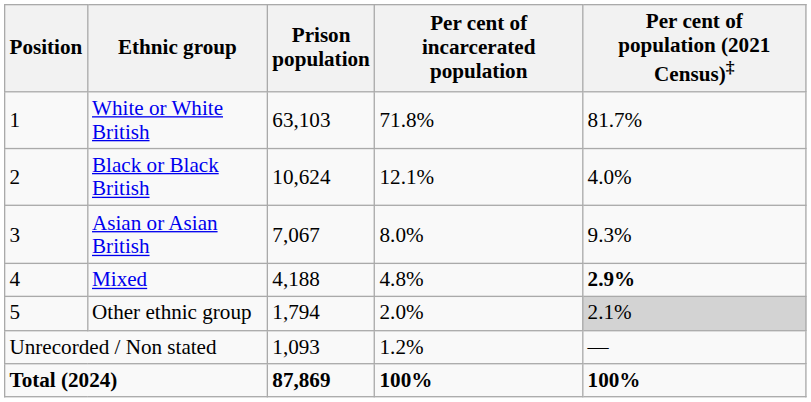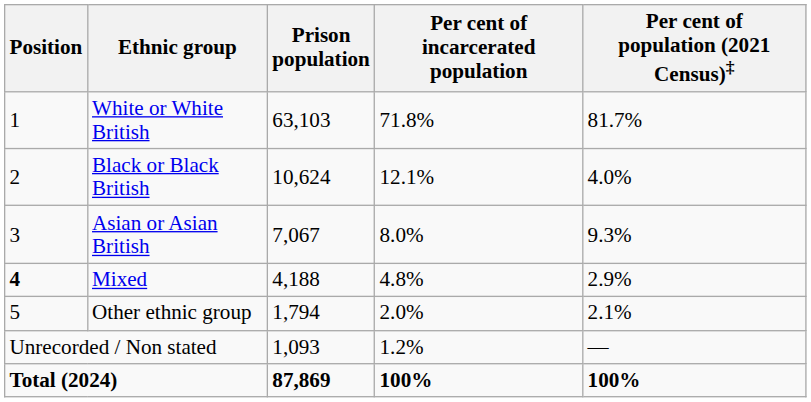 <table class="wikitable sortable">
 <tr>
 <th>Position</th>
 <th>Ethnic group</th>
 <th>Prison <br>population</th>
 <th>Per cent of <br>incarcerated population</th>
 <th>Per cent of <br>population (2021 Census)<sup>‡</sup></th>
 </tr>
 <tr>
 <td>1</td>
 <td><a href='#'>White or White British</a></td>
 <td>63,103</td>
 <td>71.8%</td>
 <td>81.7%</td>
 </tr>
 <tr>
 <td>2</td>
 <td><a href='#'>Black or Black British</a></td>
 <td>10,624</td>
 <td>12.1%</td>
 <td>4.0%</td>
 </tr>
 <tr>
 <td>3</td>
 <td><a href='#'>Asian or Asian British</a></td>
 <td>7,067</td>
 <td>8.0%</td>
 <td>9.3%</td>
 </tr>
 <tr>
-<td>4</td>
+<td><strong>4</strong></td>
 <td><a href='#'>Mixed</a></td>
 <td>4,188</td>
 <td>4.8%</td>
-<td><strong>2.9%</strong></td>
+<td>2.9%</td>
 </tr>
 <tr>
 <td>5</td>
 <td>Other ethnic group</td>
 <td>1,794</td>
 <td>2.0%</td>
-<td style="background: lightgrey;">2.1%</td>
+<td>2.1%</td>
 </tr>
 <tr>
 <td colspan="2">Unrecorded / Non stated</td>
 <td>1,093</td>
 <td>1.2%</td>
 <td>—</td>
 </tr>
 <tr>
 <td colspan="2"><strong>Total (2024)</strong></td>
 <td><strong>87,869</strong></td>
 <td><strong>100%</strong></td>
 <td><strong>100%</strong></td>
 </tr>
 </table>
